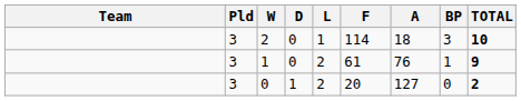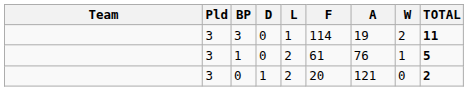 <table class="wikitable">
 <tr border=1 cellpadding=5 cellspacing=0>
 <th width="200">Team</th>
 <th width="20">Pld</th>
-<th width="20">W</th>
+<th width="20">BP</th>
 <th width="20">D</th>
 <th width="20">L</th>
 <th width="40">F</th>
 <th width="40">A</th>
-<th width="20">BP</th>
+<th width="20">W</th>
 <th width="20">TOTAL</th>
 </tr>
 <tr>
 <td align=left></td>
 <td>3</td>
-<td>2</td>
+<td>3</td>
 <td>0</td>
 <td>1</td>
 <td>114</td>
-<td>18</td>
-<td>3</td>
-<td><strong>10</strong></td>
+<td>19</td>
+<td>2</td>
+<td><strong>11</strong></td>
 </tr>
 <tr>
 <td align=left></td>
 <td>3</td>
 <td>1</td>
 <td>0</td>
 <td>2</td>
 <td>61</td>
 <td>76</td>
 <td>1</td>
-<td><strong>9</strong></td>
+<td><strong>5</strong></td>
 </tr>
 <tr>
 <td align=left></td>
 <td>3</td>
 <td>0</td>
 <td>1</td>
 <td>2</td>
 <td>20</td>
-<td>127</td>
+<td>121</td>
 <td>0</td>
 <td><strong>2</strong></td>
 </tr>
 </table>
